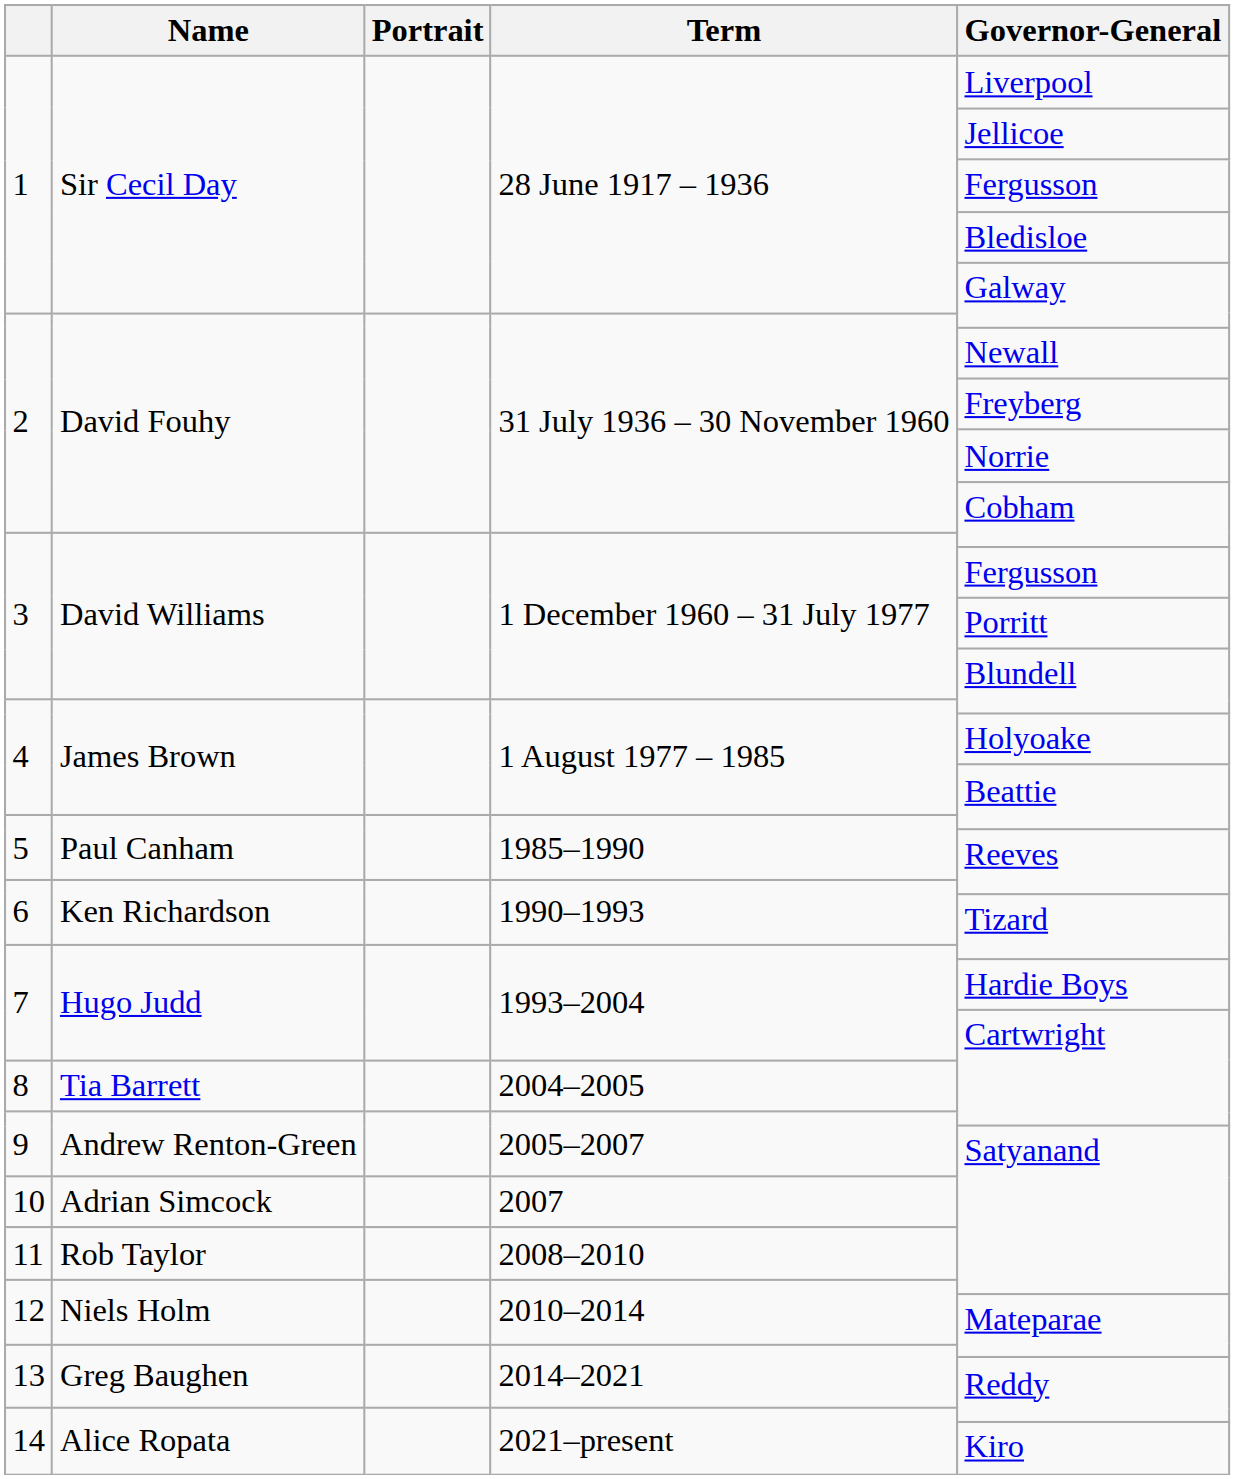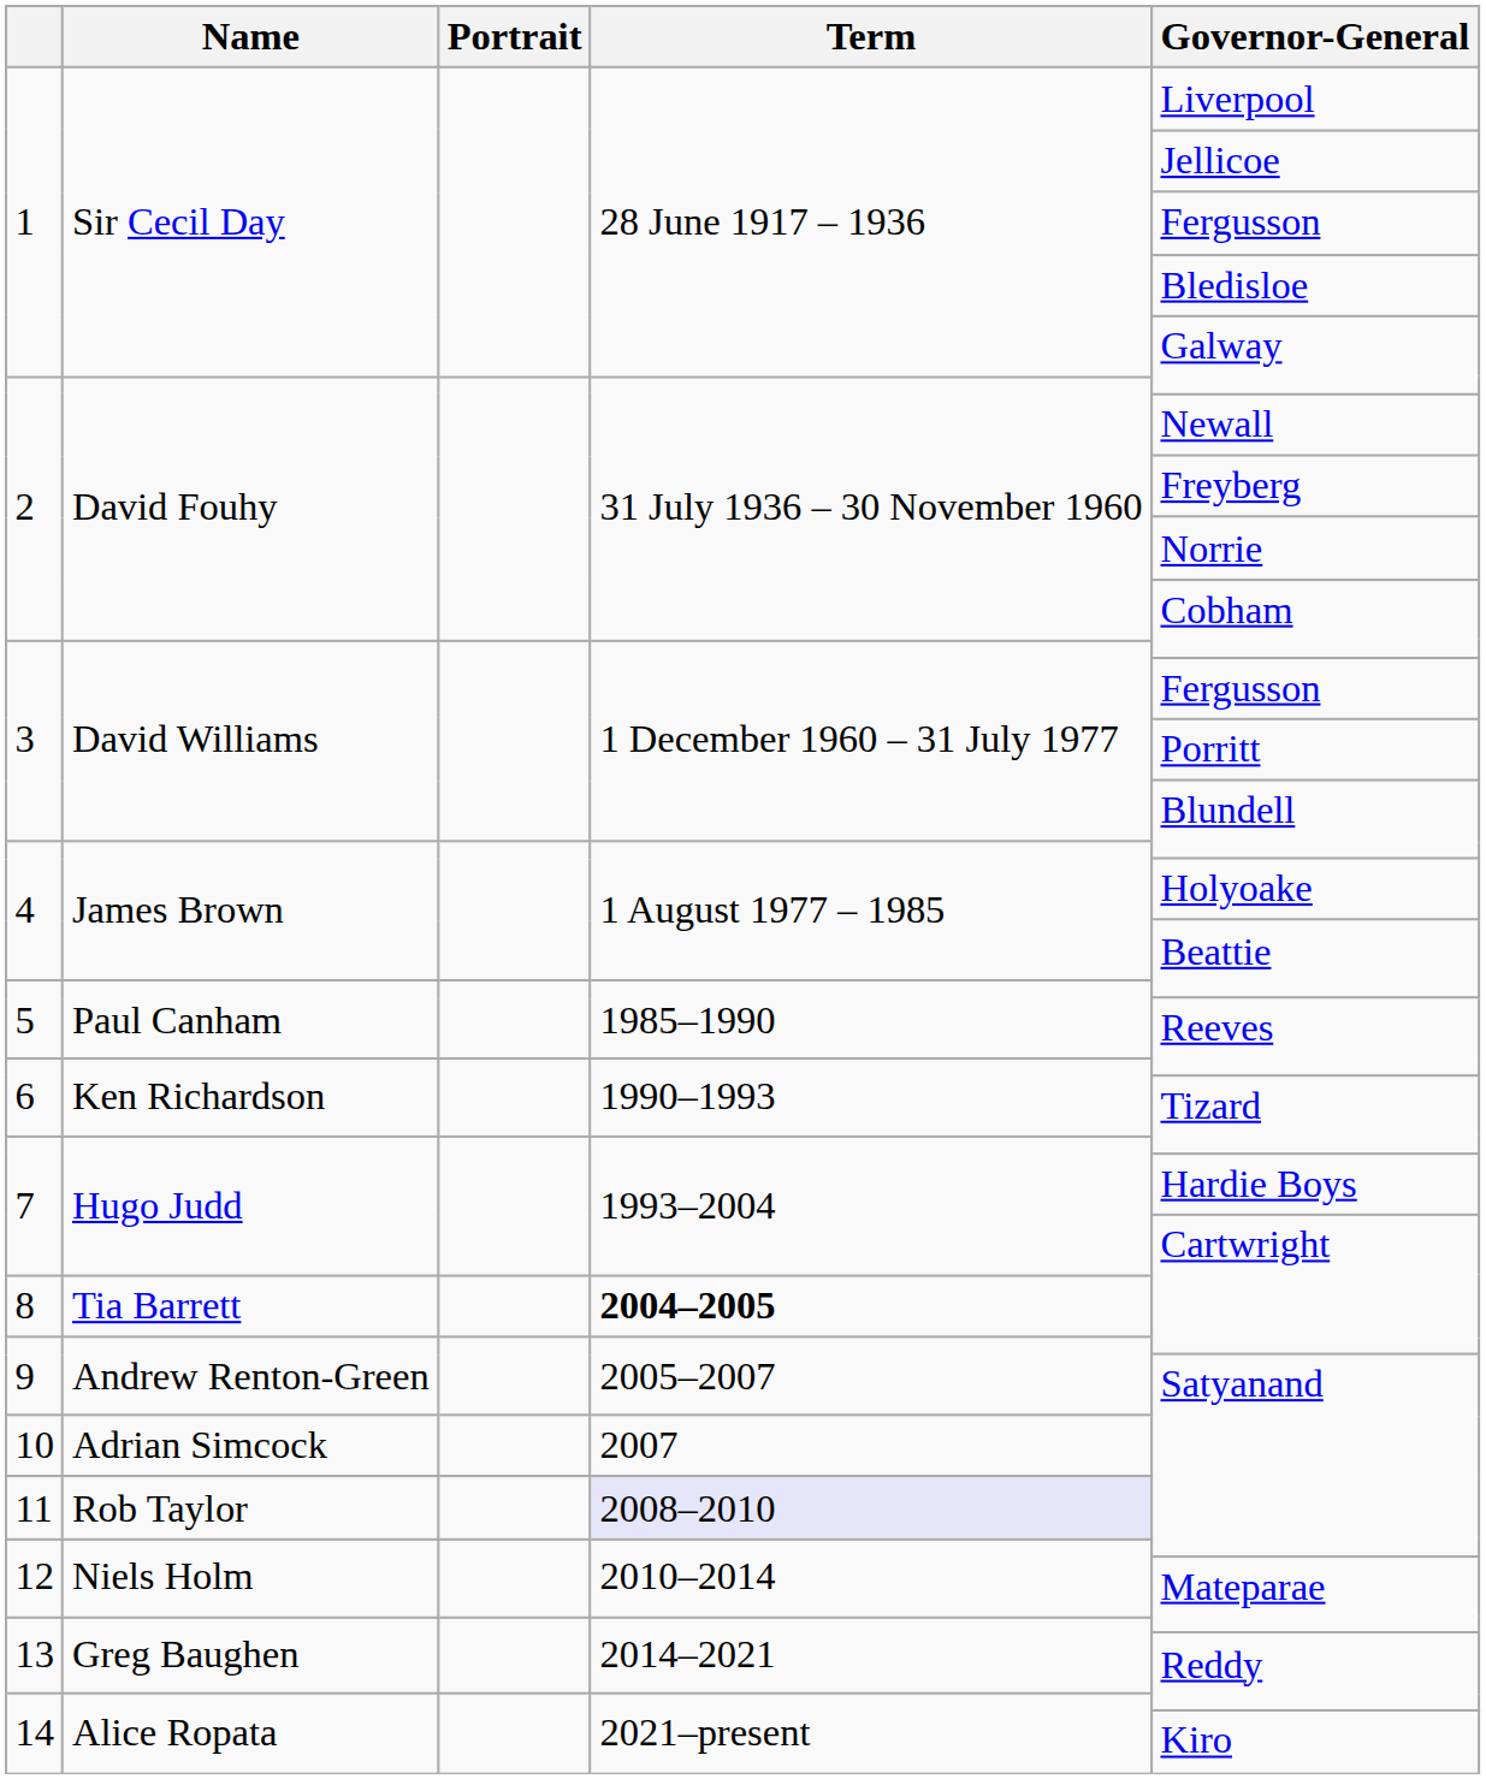 <table class="wikitable">
 <tr a>
 <th></th>
 <th>Name</th>
 <th>Portrait</th>
 <th>Term</th>
 <th>Governor-General</th>
 </tr>
 <tr>
 <td rowspan=5>1</td>
 <td rowspan=5>Sir <a href='#'>Cecil Day</a><br></td>
 <td rowspan=5></td>
 <td rowspan=5>28 June 1917 – 1936</td>
 <td><a href='#'>Liverpool</a></td>
 </tr>
 <tr>
 <td><a href='#'>Jellicoe</a></td>
 </tr>
 <tr>
 <td><a href='#'>Fergusson</a></td>
 </tr>
 <tr>
 <td><a href='#'>Bledisloe</a></td>
 </tr>
 <tr>
 <td style='border-style: solid solid none solid;' valign=top><a href='#'>Galway</a></td>
 </tr>
 <tr>
 <td rowspan=5>2</td>
 <td rowspan=5>David Fouhy<br></td>
 <td rowspan=5></td>
 <td rowspan=5>31 July 1936 – 30 November 1960</td>
 <td style='border-style: none solid solid solid;' valign=top></td>
 </tr>
 <tr>
 <td><a href='#'>Newall</a></td>
 </tr>
 <tr>
 <td><a href='#'>Freyberg</a></td>
 </tr>
 <tr>
 <td><a href='#'>Norrie</a></td>
 </tr>
 <tr>
 <td style='border-style: solid solid none solid;' valign=top><a href='#'>Cobham</a></td>
 </tr>
 <tr>
 <td rowspan=4>3</td>
 <td rowspan=4>David Williams<br></td>
 <td rowspan=4></td>
 <td rowspan=4>1 December 1960 – 31 July 1977</td>
 <td style='border-style: none solid solid solid;' valign=top></td>
 </tr>
 <tr>
 <td><a href='#'>Fergusson</a></td>
 </tr>
 <tr>
 <td><a href='#'>Porritt</a></td>
 </tr>
 <tr>
 <td style='border-style: solid solid none solid;' valign=top><a href='#'>Blundell</a></td>
 </tr>
 <tr>
 <td rowspan=3>4</td>
 <td rowspan=3>James Brown<br></td>
 <td rowspan=3></td>
 <td rowspan=3>1 August 1977 – 1985</td>
 <td style='border-style: none solid solid solid;' valign=top></td>
 </tr>
 <tr>
 <td><a href='#'>Holyoake</a></td>
 </tr>
 <tr>
 <td style='border-style: solid solid none solid;' valign=top><a href='#'>Beattie</a></td>
 </tr>
 <tr>
 <td rowspan=2>5</td>
 <td rowspan=2>Paul Canham<br></td>
 <td rowspan=2></td>
 <td rowspan=2>1985–1990</td>
 <td style='border-style: none solid solid solid;' valign=top></td>
 </tr>
 <tr>
 <td style='border-style: solid solid none solid;' valign=top><a href='#'>Reeves</a></td>
 </tr>
 <tr>
 <td rowspan=2>6</td>
 <td rowspan=2>Ken Richardson<br></td>
 <td rowspan=2></td>
 <td rowspan=2>1990–1993</td>
 <td style='border-style: none solid solid solid;' valign=top></td>
 </tr>
 <tr>
 <td style='border-style: solid solid none solid;' valign=top><a href='#'>Tizard</a></td>
 </tr>
 <tr>
 <td rowspan=3>7</td>
 <td rowspan=3><a href='#'>Hugo Judd</a><br></td>
 <td rowspan=3></td>
 <td rowspan=3>1993–2004</td>
 <td style='border-style: none solid solid solid;' valign=top></td>
 </tr>
 <tr>
 <td><a href='#'>Hardie Boys</a></td>
 </tr>
 <tr>
 <td style='border-style: solid solid none solid;' valign=top><a href='#'>Cartwright</a></td>
 </tr>
 <tr>
 <td>8</td>
 <td><a href='#'>Tia Barrett</a></td>
 <td></td>
-<td>2004–2005</td>
+<td><strong>2004–2005</strong></td>
 <td style='border-style: none solid none solid;' valign=top></td>
 </tr>
 <tr>
 <td rowspan=2>9</td>
 <td rowspan=2>Andrew Renton-Green<br></td>
 <td rowspan=2></td>
 <td rowspan=2>2005–2007</td>
 <td style='border-style: none solid solid solid;' valign=top></td>
 </tr>
 <tr>
 <td style='border-style: solid solid none solid;' valign=top><a href='#'>Satyanand</a></td>
 </tr>
 <tr>
 <td>10</td>
 <td>Adrian Simcock</td>
 <td></td>
 <td>2007</td>
 <td style='border-style: none solid none solid;' valign=top></td>
 </tr>
 <tr>
 <td>11</td>
 <td>Rob Taylor</td>
 <td></td>
-<td>2008–2010</td>
+<td style="background: lavender;">2008–2010</td>
 <td style='border-style: none solid none solid;' valign=top></td>
 </tr>
 <tr>
 <td rowspan=2>12</td>
 <td rowspan=2>Niels Holm</td>
 <td rowspan=2></td>
 <td rowspan=2>2010–2014</td>
 <td style='border-style: none solid solid solid;' valign=top></td>
 </tr>
 <tr>
 <td style='border-style: solid solid none solid;' valign=top><a href='#'>Mateparae</a></td>
 </tr>
 <tr>
 <td rowspan=2>13</td>
 <td rowspan=2>Greg Baughen</td>
 <td rowspan=2></td>
 <td rowspan=2>2014–2021</td>
 <td style='border-style: none solid solid solid;' valign=top></td>
 </tr>
 <tr>
 <td style='border-style: solid solid none solid;' valign=top><a href='#'>Reddy</a></td>
 </tr>
 <tr>
 <td rowspan=2>14</td>
 <td rowspan=2>Alice Ropata</td>
 <td rowspan=2></td>
 <td rowspan=2>2021–present</td>
 <td style='border-style: none solid solid solid;' valign=top></td>
 </tr>
 <tr>
 <td><a href='#'>Kiro</a></td>
 </tr>
 </table>
